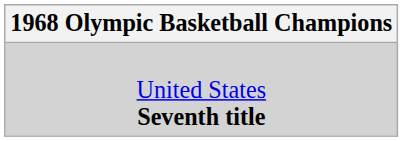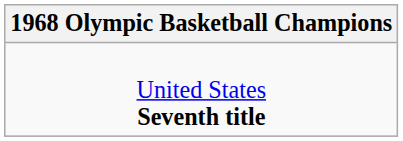 <table class=wikitable style="text-align:center">
 <tr>
 <th>1968 Olympic Basketball Champions</th>
 </tr>
 <tr>
-<td style="background: lightgrey;"> <br> <a href='#'>United States</a> <br> <strong>Seventh title</strong></td>
+<td> <br> <a href='#'>United States</a> <br> <strong>Seventh title</strong></td>
 </tr>
 </table>
